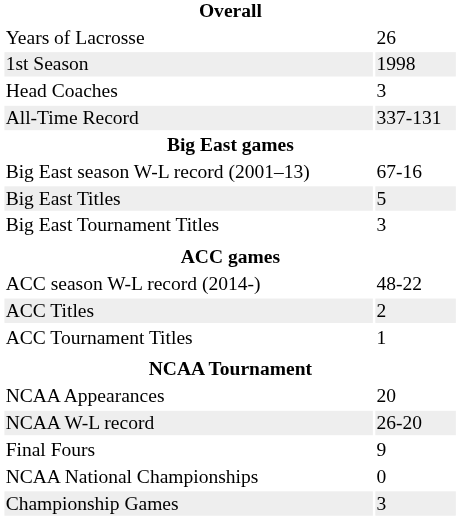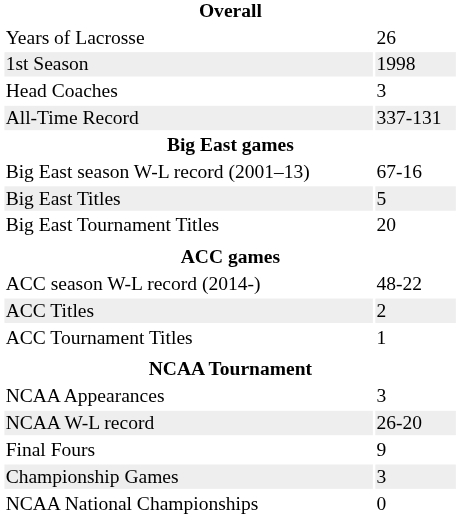 <table width=60% class="toccolours">
 <tr>
 <th colspan=2>Overall</th>
 </tr>
 <tr>
 <td>Years of Lacrosse</td>
 <td>26</td>
 </tr>
 <tr bgcolor=#eeeeee>
 <td>1st Season</td>
 <td>1998</td>
 </tr>
 <tr>
 <td>Head Coaches</td>
 <td>3</td>
 </tr>
 <tr bgcolor=#eeeeee>
 <td>All-Time Record</td>
 <td>337-131</td>
 </tr>
 <tr>
 <th colspan=2>Big East games</th>
 </tr>
 <tr>
 <td>Big East season W-L record (2001–13)</td>
 <td>67-16</td>
 </tr>
 <tr bgcolor=#eeeeee>
 <td>Big East Titles</td>
 <td>5</td>
 </tr>
 <tr>
 <td>Big East Tournament Titles</td>
-<td>3</td>
+<td>20</td>
 </tr>
 <tr>
 </tr>
 <tr bgcolor=#eeeeee>
 </tr>
 <tr>
 <th colspan=2>ACC games</th>
 </tr>
 <tr>
 <td>ACC season W-L record (2014-)</td>
 <td>48-22</td>
 </tr>
 <tr bgcolor=#eeeeee>
 <td>ACC Titles</td>
 <td>2</td>
 </tr>
 <tr>
 <td>ACC Tournament Titles</td>
 <td>1</td>
 </tr>
 <tr>
 </tr>
 <tr bgcolor=#eeeeee>
 </tr>
 <tr>
 <th colspan=2>NCAA Tournament</th>
 </tr>
 <tr>
 <td>NCAA Appearances</td>
-<td>20</td>
+<td>3</td>
 </tr>
 <tr bgcolor=#eeeeee>
 <td>NCAA W-L record</td>
 <td>26-20</td>
 </tr>
 <tr>
 <td>Final Fours</td>
 <td>9</td>
 </tr>
+<tr bgcolor=#eeeeee>
+<td>Championship Games</td>
+<td>3</td>
+</tr>
 <tr>
 <td>NCAA National Championships</td>
 <td>0</td>
 </tr>
-<tr bgcolor=#eeeeee>
-<td>Championship Games</td>
-<td>3</td>
-</tr>
 </table>
